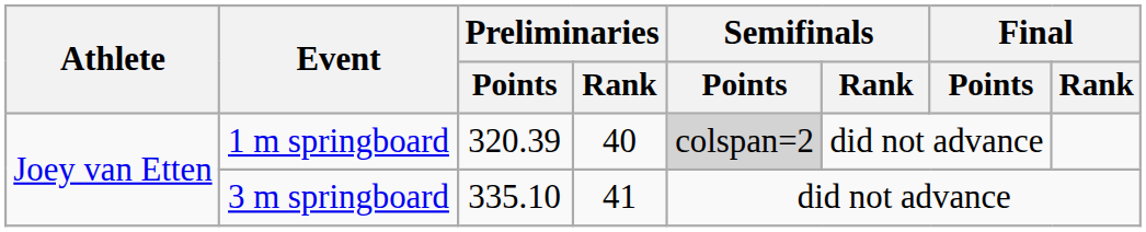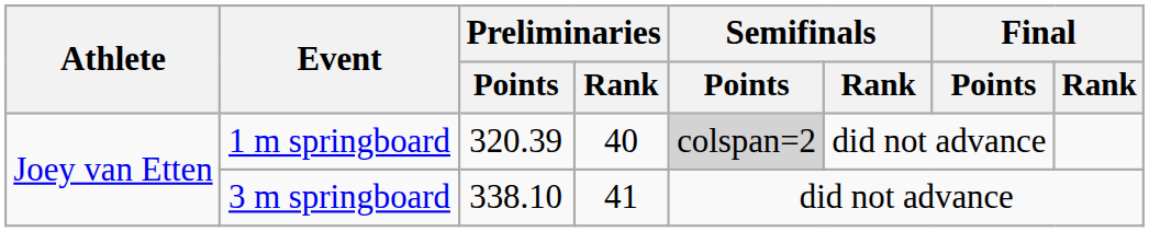 <table class=wikitable style="font-size:90%;">
 <tr>
 <th rowspan="2">Athlete</th>
 <th rowspan="2">Event</th>
 <th colspan="2">Preliminaries</th>
 <th colspan="2">Semifinals</th>
 <th colspan="2">Final</th>
 </tr>
 <tr style="font-size:95%">
 <th>Points</th>
 <th>Rank</th>
 <th>Points</th>
 <th>Rank</th>
 <th>Points</th>
 <th>Rank</th>
 </tr>
 <tr align=center>
 <td align=left rowspan=2><a href='#'>Joey van Etten</a></td>
 <td align=left><a href='#'>1 m springboard</a></td>
 <td>320.39</td>
 <td>40</td>
 <td style="background: lightgrey;">colspan=2 </td>
 <td colspan=2>did not advance</td>
 </tr>
 <tr align=center>
 <td align=left><a href='#'>3 m springboard</a></td>
-<td>335.10</td>
+<td>338.10</td>
 <td>41</td>
 <td colspan=4>did not advance</td>
 </tr>
 </table>
